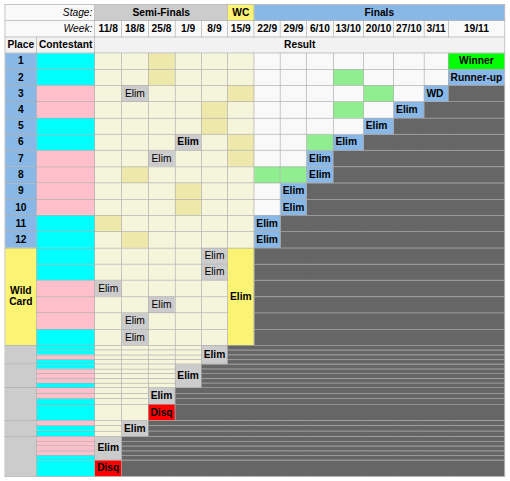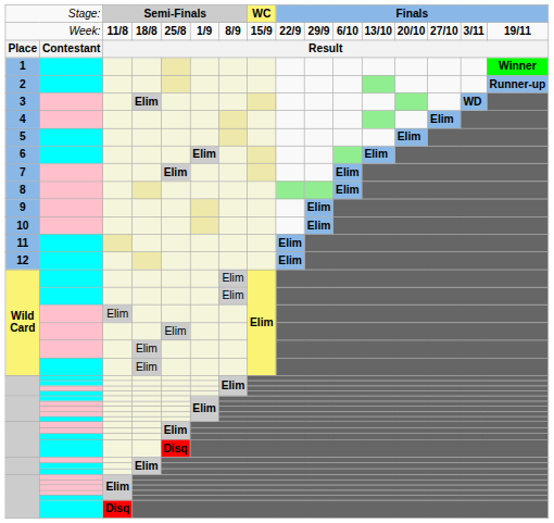 <table class="wikitable" style="margin:1em auto;">
 <tr>
 <td colspan="2" align="right"><em>Stage:</em></td>
 <td colspan="5" bgcolor="CCCCCC" align="Center"><strong>Semi-Finals</strong></td>
 <td colspan="1" bgcolor="#FBF373" align="center"><strong>WC</strong></td>
 <td colspan="11" bgcolor="#8ab8e6" align="Center"><strong>Finals</strong></td>
 </tr>
 <tr>
 <td colspan="2" align="right"><em>Week:</em></td>
 <td align="center"><strong>11/8</strong></td>
 <td align="center"><strong>18/8</strong></td>
 <td align="center"><strong>25/8</strong></td>
 <td align="center"><strong>1/9</strong></td>
 <td align="center"><strong>8/9</strong></td>
 <td align="center"><strong>15/9</strong></td>
 <td align="center"><strong>22/9</strong></td>
 <td align="center"><strong>29/9</strong></td>
 <td align="center"><strong>6/10</strong></td>
 <td align="center"><strong>13/10</strong></td>
 <td align="center"><strong>20/10</strong></td>
 <td align="center"><strong>27/10</strong></td>
 <td align="center"><strong>3/11</strong></td>
 <td align="center"><strong>19/11</strong></td>
 </tr>
 <tr>
 <th>Place</th>
 <th>Contestant</th>
 <th colspan="14" align="center">Result</th>
 </tr>
 <tr>
 <td align="center" bgcolor="#8ab8e6"><strong>1</strong></td>
 <td bgcolor="cyan"></td>
 <td bgcolor="F5F5DC"></td>
 <td bgcolor="F5F5DC"></td>
 <td bgcolor="palegoldenrod" align="center"></td>
 <td bgcolor="F5F5DC"></td>
 <td bgcolor="F5F5DC"></td>
 <td bgcolor="F5F5DC"></td>
 <td></td>
 <td></td>
 <td></td>
 <td></td>
 <td></td>
 <td></td>
 <td></td>
 <td align="center" bgcolor=lime><strong>Winner</strong></td>
 </tr>
 <tr>
 <td align="center" bgcolor="#8ab8e6"><strong>2</strong></td>
 <td bgcolor="cyan"></td>
 <td bgcolor="F5F5DC"></td>
 <td bgcolor="F5F5DC"></td>
 <td bgcolor="palegoldenrod" align="center"></td>
 <td bgcolor="F5F5DC"></td>
 <td bgcolor="F5F5DC"></td>
 <td bgcolor="F5F5DC"></td>
 <td></td>
 <td></td>
 <td></td>
 <td bgcolor="lightgreen" align="center"></td>
 <td></td>
 <td></td>
 <td></td>
 <td align="center" bgcolor="#8ab8e6"><strong>Runner-up</strong></td>
 </tr>
 <tr>
 <td align="center" bgcolor="#8ab8e6"><strong>3</strong></td>
 <td bgcolor="pink"></td>
 <td bgcolor="F5F5DC"></td>
-<td bgcolor="#CCCCCC" align="center">Elim</td>
+<td bgcolor="#CCCCCC" align="center"><strong>Elim</strong></td>
 <td bgcolor="F5F5DC"></td>
 <td bgcolor="F5F5DC"></td>
 <td bgcolor="F5F5DC"></td>
 <td bgcolor="palegoldenrod" align="center"></td>
 <td></td>
 <td></td>
 <td></td>
 <td></td>
 <td bgcolor="lightgreen" align="center"></td>
 <td></td>
 <td bgcolor="#8ab8e6"><strong>WD</strong></td>
 <td bgcolor="666666" colspan="3"></td>
 </tr>
 <tr>
 <td align="center" bgcolor="#8ab8e6"><strong>4</strong></td>
 <td bgcolor="pink"></td>
 <td bgcolor="F5F5DC"></td>
 <td bgcolor="F5F5DC"></td>
 <td bgcolor="F5F5DC"></td>
 <td bgcolor="F5F5DC"></td>
 <td bgcolor="palegoldenrod" align="center"></td>
 <td bgcolor="F5F5DC"></td>
 <td></td>
 <td></td>
 <td></td>
 <td bgcolor="lightgreen" align="center"></td>
 <td></td>
 <td bgcolor="#8ab8e6"><strong>Elim</strong></td>
 <td bgcolor="666666" colspan="4"></td>
 </tr>
 <tr>
 <td align="center" bgcolor="#8ab8e6"><strong>5</strong></td>
 <td bgcolor="cyan"></td>
 <td bgcolor="F5F5DC"></td>
 <td bgcolor="F5F5DC"></td>
 <td bgcolor="F5F5DC"></td>
 <td bgcolor="F5F5DC"></td>
 <td bgcolor="palegoldenrod" align="center"></td>
 <td bgcolor="F5F5DC"></td>
 <td></td>
 <td></td>
 <td></td>
 <td></td>
 <td bgcolor="#8ab8e6"><strong>Elim</strong></td>
 <td bgcolor="666666" colspan="5"></td>
 </tr>
 <tr>
 <td align="center" bgcolor="#8ab8e6"><strong>6</strong></td>
 <td bgcolor="cyan"></td>
 <td bgcolor="F5F5DC"></td>
 <td bgcolor="F5F5DC"></td>
 <td bgcolor="F5F5DC"></td>
 <td bgcolor="#CCCCCC" align="center"><strong>Elim</strong></td>
 <td bgcolor="F5F5DC"></td>
 <td bgcolor="palegoldenrod" align="center"></td>
 <td></td>
 <td></td>
 <td bgcolor="lightgreen" align="center"></td>
 <td bgcolor="#8ab8e6"><strong>Elim</strong></td>
 <td bgcolor="666666" colspan="6"></td>
 </tr>
 <tr>
 <td align="center" bgcolor="#8ab8e6"><strong>7</strong></td>
 <td bgcolor="pink"></td>
 <td bgcolor="F5F5DC"></td>
 <td bgcolor="F5F5DC"></td>
-<td bgcolor="#CCCCCC" align="center">Elim</td>
+<td bgcolor="#CCCCCC" align="center"><strong>Elim</strong></td>
 <td bgcolor="F5F5DC"></td>
 <td bgcolor="F5F5DC"></td>
 <td bgcolor="palegoldenrod" align="center"></td>
 <td></td>
 <td></td>
 <td bgcolor="#8ab8e6"><strong>Elim</strong></td>
 <td bgcolor="666666" colspan="7"></td>
 </tr>
 <tr>
 <td align="center" bgcolor="#8ab8e6"><strong>8</strong></td>
 <td bgcolor="pink"></td>
 <td bgcolor="F5F5DC"></td>
 <td bgcolor="palegoldenrod" align="center"></td>
 <td bgcolor="F5F5DC"></td>
 <td bgcolor="F5F5DC"></td>
 <td bgcolor="F5F5DC"></td>
 <td bgcolor="F5F5DC"></td>
 <td bgcolor="lightgreen" align="center"></td>
 <td bgcolor="lightgreen" align="center"></td>
 <td bgcolor="#8ab8e6"><strong>Elim</strong></td>
 <td bgcolor="666666" colspan="7"></td>
 </tr>
 <tr>
 <td align="center" bgcolor="#8ab8e6"><strong>9</strong></td>
 <td bgcolor="pink"></td>
 <td bgcolor="F5F5DC"></td>
 <td bgcolor="F5F5DC"></td>
 <td bgcolor="F5F5DC"></td>
 <td bgcolor="palegoldenrod" align="center"></td>
 <td bgcolor="F5F5DC"></td>
 <td bgcolor="F5F5DC"></td>
 <td></td>
 <td bgcolor="#8ab8e6"><strong>Elim</strong></td>
 <td bgcolor="666666" colspan="8"></td>
 </tr>
 <tr>
 <td align="center" bgcolor="#8ab8e6"><strong>10</strong></td>
 <td bgcolor="pink"></td>
 <td bgcolor="F5F5DC"></td>
 <td bgcolor="F5F5DC"></td>
 <td bgcolor="F5F5DC"></td>
 <td bgcolor="palegoldenrod" align="center"></td>
 <td bgcolor="F5F5DC"></td>
 <td bgcolor="F5F5DC"></td>
 <td></td>
 <td bgcolor="#8ab8e6"><strong>Elim</strong></td>
 <td bgcolor="666666" colspan="8"></td>
 </tr>
 <tr>
 <td align="center" bgcolor="#8ab8e6"><strong>11</strong></td>
 <td bgcolor="cyan"></td>
 <td bgcolor="palegoldenrod" align="center"></td>
 <td bgcolor="F5F5DC"></td>
 <td bgcolor="F5F5DC"></td>
 <td bgcolor="F5F5DC"></td>
 <td bgcolor="F5F5DC"></td>
 <td bgcolor="F5F5DC"></td>
 <td bgcolor="#8ab8e6"><strong>Elim</strong></td>
 <td bgcolor="666666" colspan="9"></td>
 </tr>
 <tr>
 <td align="center" bgcolor="#8ab8e6"><strong>12</strong></td>
 <td bgcolor="cyan"></td>
 <td bgcolor="F5F5DC"></td>
 <td bgcolor="palegoldenrod" align="center"></td>
 <td bgcolor="F5F5DC"></td>
 <td bgcolor="F5F5DC"></td>
 <td bgcolor="F5F5DC"></td>
 <td bgcolor="F5F5DC"></td>
 <td bgcolor="#8ab8e6"><strong>Elim</strong></td>
 <td bgcolor="666666" colspan="9"></td>
 </tr>
 <tr>
 <td bgcolor="#FBF373" align="center" rowspan="6"><strong>Wild<br>Card</strong></td>
 <td bgcolor="cyan"></td>
 <td bgcolor="F5F5DC"></td>
 <td bgcolor="F5F5DC"></td>
 <td bgcolor="F5F5DC"></td>
 <td bgcolor="F5F5DC"></td>
 <td bgcolor="#CCCCCC" align="center">Elim</td>
 <td bgcolor="#FBF373" align="center" rowspan="6"><strong>Elim</strong></td>
 <td bgcolor="666666" colspan="10"></td>
 </tr>
 <tr>
 <td bgcolor="cyan"></td>
 <td bgcolor="F5F5DC"></td>
 <td bgcolor="F5F5DC"></td>
 <td bgcolor="F5F5DC"></td>
 <td bgcolor="F5F5DC"></td>
 <td bgcolor="#CCCCCC" align="center">Elim</td>
 <td bgcolor="666666" colspan="10"></td>
 </tr>
 <tr>
 <td bgcolor="pink"></td>
 <td bgcolor="#CCCCCC" align="center">Elim</td>
 <td bgcolor="F5F5DC"></td>
 <td bgcolor="F5F5DC"></td>
 <td bgcolor="F5F5DC"></td>
 <td bgcolor="F5F5DC"></td>
 <td bgcolor="666666" colspan="10"></td>
 </tr>
 <tr>
 <td bgcolor="pink"></td>
 <td bgcolor="F5F5DC"></td>
 <td bgcolor="F5F5DC"></td>
 <td bgcolor="#CCCCCC" align="center">Elim</td>
 <td bgcolor="F5F5DC"></td>
 <td bgcolor="F5F5DC"></td>
 <td bgcolor="666666" colspan="10"></td>
 </tr>
 <tr>
 <td bgcolor="pink"></td>
 <td bgcolor="F5F5DC"></td>
 <td bgcolor="#CCCCCC" align="center">Elim</td>
 <td bgcolor="F5F5DC"></td>
 <td bgcolor="F5F5DC"></td>
 <td bgcolor="F5F5DC"></td>
 <td bgcolor="666666" colspan="10"></td>
 </tr>
 <tr>
 <td bgcolor="cyan"></td>
 <td bgcolor="F5F5DC"></td>
 <td bgcolor="#CCCCCC" align="center">Elim</td>
 <td bgcolor="F5F5DC"></td>
 <td bgcolor="F5F5DC"></td>
 <td bgcolor="F5F5DC"></td>
 <td bgcolor="666666" colspan="10"></td>
 </tr>
 <tr>
 <td bgcolor="#CCCCCC" align="center" rowspan="4"></td>
 <td bgcolor="cyan"></td>
 <td bgcolor="F5F5DC"></td>
 <td bgcolor="F5F5DC"></td>
 <td bgcolor="F5F5DC"></td>
 <td bgcolor="F5F5DC"></td>
 <td bgcolor="#CCCCCC" align="center" rowspan="4"><strong>Elim</strong></td>
 <td bgcolor="#666666" colspan="11"></td>
 </tr>
 <tr>
 <td bgcolor="cyan"></td>
 <td bgcolor="F5F5DC"></td>
 <td bgcolor="F5F5DC"></td>
 <td bgcolor="F5F5DC"></td>
 <td bgcolor="F5F5DC"></td>
 <td bgcolor="#666666" colspan="11"></td>
 </tr>
 <tr>
 <td bgcolor="pink"></td>
 <td bgcolor="F5F5DC"></td>
 <td bgcolor="F5F5DC"></td>
 <td bgcolor="F5F5DC"></td>
 <td bgcolor="F5F5DC"></td>
 <td bgcolor="#666666" colspan="11"></td>
 </tr>
 <tr>
 <td bgcolor="cyan"></td>
 <td bgcolor="F5F5DC"></td>
 <td bgcolor="F5F5DC"></td>
 <td bgcolor="F5F5DC"></td>
 <td bgcolor="F5F5DC"></td>
 <td bgcolor="#666666" colspan="11"></td>
 </tr>
 <tr>
 <td bgcolor="#CCCCCC" align="center" rowspan="5"></td>
 <td bgcolor="cyan"></td>
 <td bgcolor="F5F5DC"></td>
 <td bgcolor="F5F5DC"></td>
 <td bgcolor="F5F5DC"></td>
 <td bgcolor="#CCCCCC" align="center" rowspan="5"><strong>Elim</strong></td>
 <td bgcolor="#666666" colspan="12"></td>
 </tr>
 <tr>
 <td bgcolor="pink"></td>
 <td bgcolor="F5F5DC"></td>
 <td bgcolor="F5F5DC"></td>
 <td bgcolor="F5F5DC"></td>
 <td bgcolor="#666666" colspan="12"></td>
 </tr>
 <tr>
 <td bgcolor="pink"></td>
 <td bgcolor="F5F5DC"></td>
 <td bgcolor="F5F5DC"></td>
 <td bgcolor="F5F5DC"></td>
 <td bgcolor="#666666" colspan="12"></td>
 </tr>
 <tr>
 <td bgcolor="pink"></td>
 <td bgcolor="F5F5DC"></td>
 <td bgcolor="F5F5DC"></td>
 <td bgcolor="F5F5DC"></td>
 <td bgcolor="#666666" colspan="12"></td>
 </tr>
 <tr>
 <td bgcolor="cyan"></td>
 <td bgcolor="F5F5DC"></td>
 <td bgcolor="F5F5DC"></td>
 <td bgcolor="F5F5DC"></td>
 <td bgcolor="#666666" colspan="12"></td>
 </tr>
 <tr>
 <td bgcolor="#CCCCCC" align="center" rowspan="4"></td>
 <td bgcolor="pink"></td>
 <td bgcolor="F5F5DC"></td>
 <td bgcolor="F5F5DC"></td>
 <td bgcolor="#CCCCCC" align="center" rowspan="3"><strong>Elim</strong></td>
 <td bgcolor="#666666" colspan="13"></td>
 </tr>
 <tr>
 <td bgcolor="pink"></td>
 <td bgcolor="F5F5DC"></td>
 <td bgcolor="F5F5DC"></td>
 <td bgcolor="#666666" colspan="13"></td>
 </tr>
 <tr>
 <td bgcolor="cyan"></td>
 <td bgcolor="F5F5DC"></td>
 <td bgcolor="F5F5DC"></td>
 <td bgcolor="#666666" colspan="13"></td>
 </tr>
 <tr>
 <td bgcolor="cyan"></td>
 <td bgcolor="F5F5DC"></td>
 <td bgcolor="F5F5DC"></td>
 <td bgcolor="red" align="center" rowspan="1"><strong>Disq</strong></td>
 <td bgcolor="#666666" colspan="13"></td>
 </tr>
 <tr>
 <td bgcolor="#CCCCCC" align="center" rowspan="3"></td>
 <td bgcolor="pink"></td>
 <td bgcolor="F5F5DC"></td>
 <td bgcolor="#CCCCCC" align="center" rowspan="3"><strong>Elim</strong></td>
 <td bgcolor="#666666" colspan="14"></td>
 </tr>
 <tr>
 <td bgcolor="cyan"></td>
 <td bgcolor="F5F5DC"></td>
 <td bgcolor="#666666" colspan="14"></td>
 </tr>
 <tr>
 <td bgcolor="cyan"></td>
 <td bgcolor="F5F5DC"></td>
 <td bgcolor="#666666" colspan="14"></td>
 </tr>
 <tr>
 <td bgcolor="#CCCCCC" align="center" rowspan="6"></td>
 <td bgcolor="pink"></td>
 <td bgcolor="#CCCCCC" align="center" rowspan="5"><strong>Elim</strong></td>
 <td bgcolor="#666666" colspan="15"></td>
 </tr>
 <tr>
 <td bgcolor="pink"></td>
 <td bgcolor="#666666" colspan="15"></td>
 </tr>
 <tr>
 <td bgcolor="pink"></td>
 <td bgcolor="#666666" colspan="15"></td>
 </tr>
 <tr>
 <td bgcolor="pink"></td>
 <td bgcolor="#666666" colspan="15"></td>
 </tr>
 <tr>
 <td bgcolor="cyan"></td>
 <td bgcolor="#666666" colspan="15"></td>
 </tr>
 <tr>
 <td bgcolor="cyan"></td>
 <td bgcolor="red" align="center" rowspan="5"><strong>Disq</strong></td>
 <td bgcolor="#666666" colspan="15"></td>
 </tr>
 </table>
